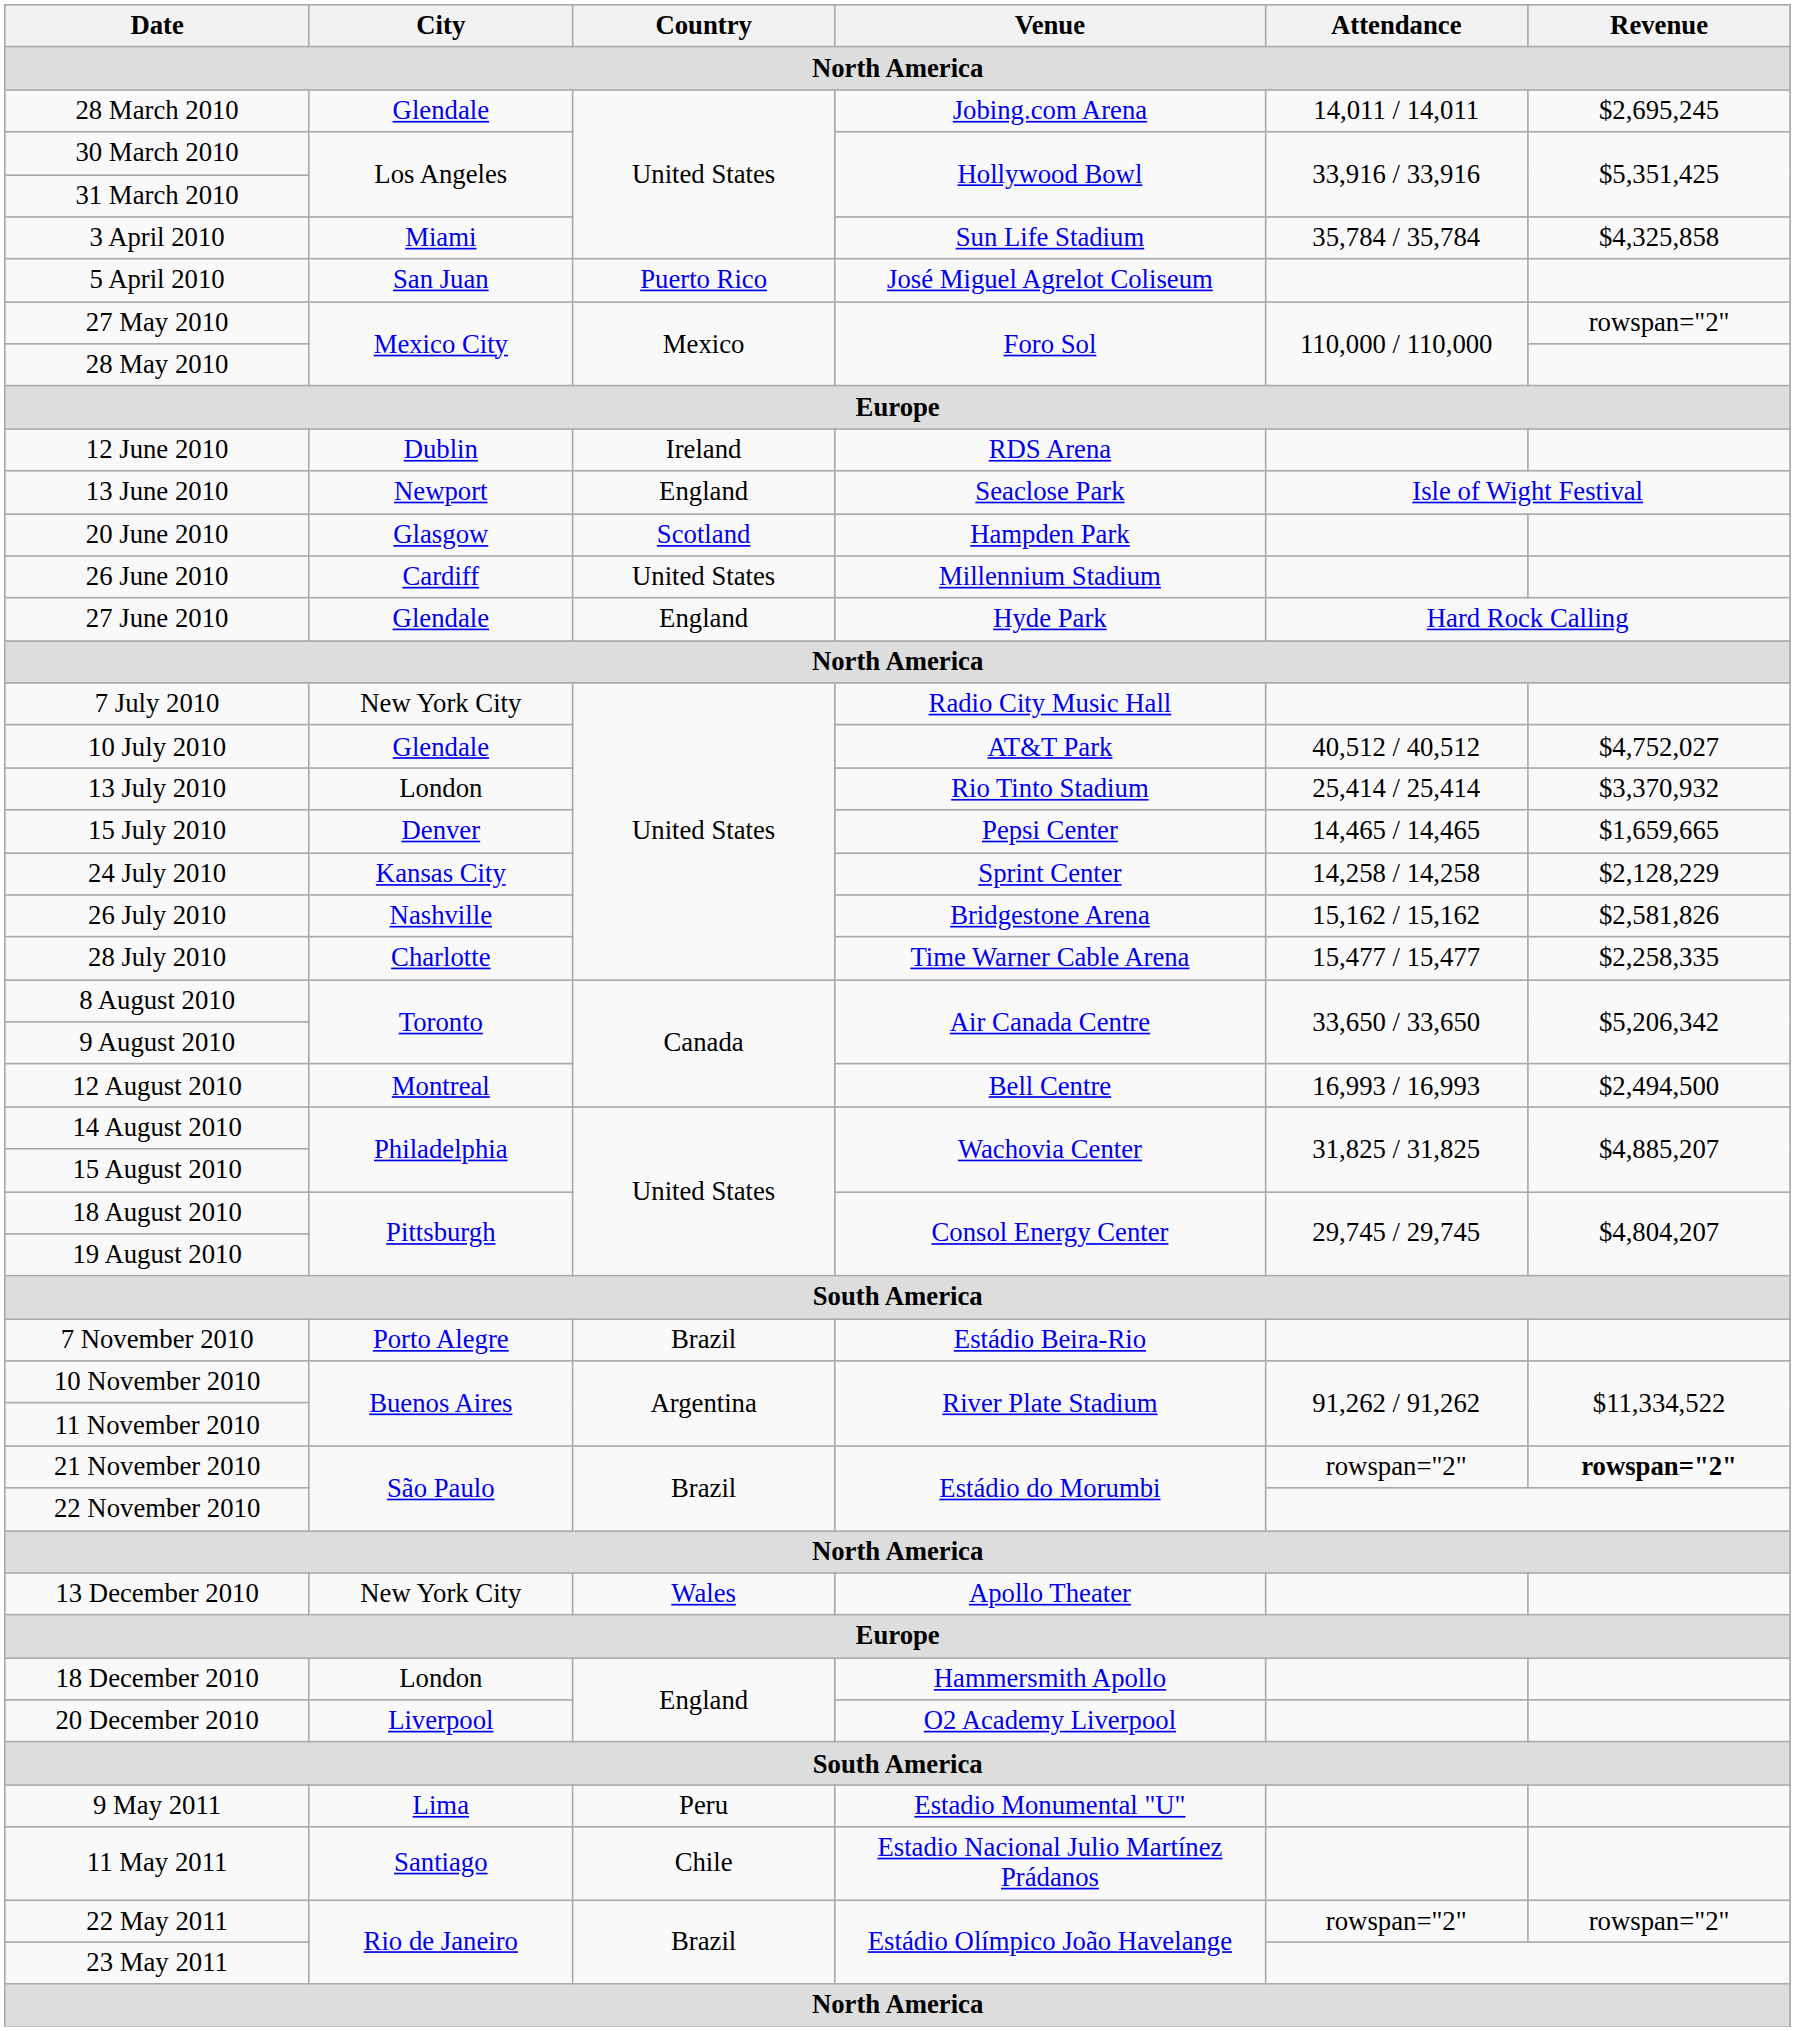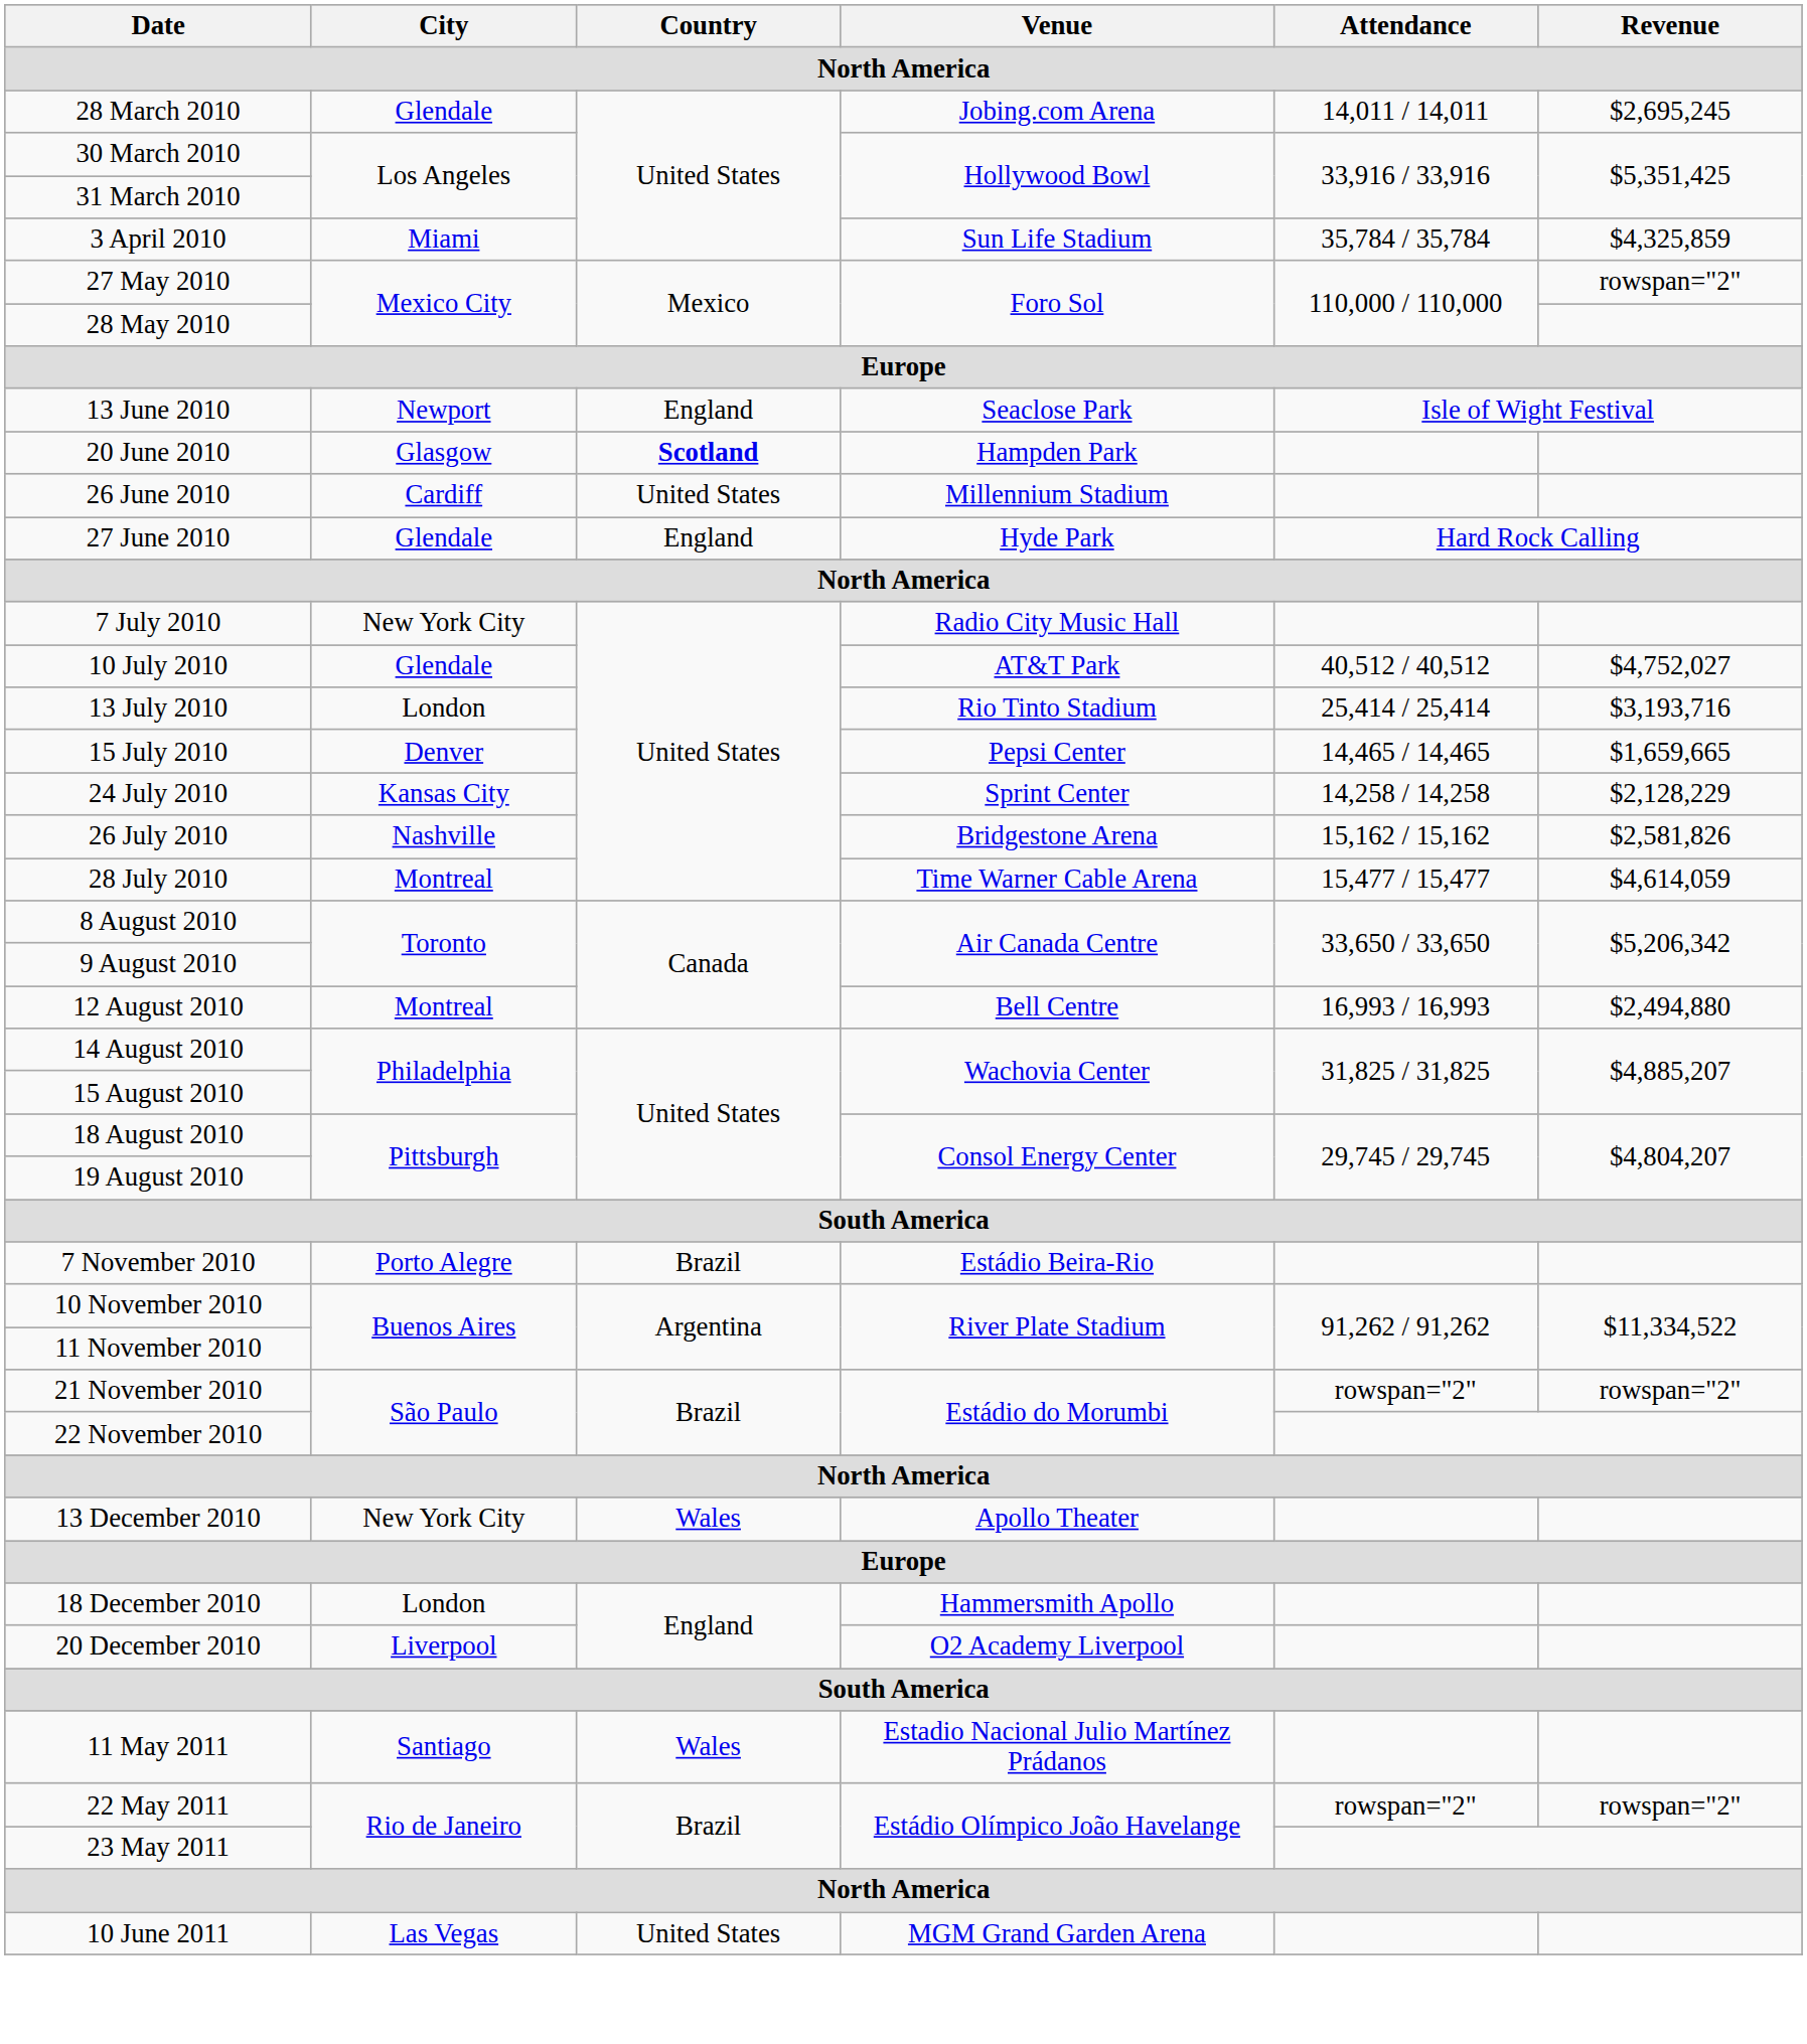 <table class="wikitable" style="text-align:center;">
 <tr>
 <th width="175">Date</th>
 <th width="150">City</th>
 <th width="150">Country</th>
 <th width="250">Venue</th>
 <th width="150">Attendance</th>
 <th width="150">Revenue</th>
 </tr>
 <tr style="background:#ddd;">
 <td colspan="6"><strong>North America</strong></td>
 </tr>
 <tr>
 <td>28 March 2010</td>
 <td><a href='#'>Glendale</a></td>
 <td rowspan="4">United States</td>
 <td><a href='#'>Jobing.com Arena</a></td>
 <td>14,011 / 14,011</td>
 <td>$2,695,245</td>
 </tr>
 <tr>
 <td>30 March 2010</td>
 <td rowspan="2">Los Angeles</td>
 <td rowspan="2"><a href='#'>Hollywood Bowl</a></td>
 <td rowspan="2">33,916 / 33,916</td>
 <td rowspan="2">$5,351,425</td>
 </tr>
 <tr>
 <td>31 March 2010</td>
 </tr>
 <tr>
 <td>3 April 2010</td>
 <td><a href='#'>Miami</a></td>
 <td><a href='#'>Sun Life Stadium</a></td>
 <td>35,784 / 35,784</td>
-<td>$4,325,858</td>
-</tr>
-<tr>
-<td>5 April 2010</td>
-<td><a href='#'>San Juan</a></td>
-<td><a href='#'>Puerto Rico</a></td>
-<td><a href='#'>José Miguel Agrelot Coliseum</a></td>
-<td></td>
-<td></td>
+<td>$4,325,859</td>
 </tr>
 <tr>
 <td>27 May 2010</td>
 <td rowspan="2"><a href='#'>Mexico City</a></td>
 <td rowspan="2">Mexico</td>
 <td rowspan="2"><a href='#'>Foro Sol</a></td>
 <td rowspan="2">110,000 / 110,000</td>
 <td>rowspan="2" </td>
 </tr>
 <tr>
 <td>28 May 2010</td>
 </tr>
 <tr style="background:#ddd;">
 <td colspan="6"><strong>Europe</strong></td>
 </tr>
 <tr>
-<td>12 June 2010</td>
-<td><a href='#'>Dublin</a></td>
-<td>Ireland</td>
-<td><a href='#'>RDS Arena</a></td>
-<td></td>
-<td></td>
-</tr>
-<tr>
 <td>13 June 2010</td>
 <td><a href='#'>Newport</a></td>
 <td>England</td>
 <td><a href='#'>Seaclose Park</a></td>
 <td colspan="2"><a href='#'>Isle of Wight Festival</a></td>
 </tr>
 <tr>
 <td>20 June 2010</td>
 <td><a href='#'>Glasgow</a></td>
-<td><a href='#'>Scotland</a></td>
+<td><strong><a href='#'>Scotland</a></strong></td>
 <td><a href='#'>Hampden Park</a></td>
 <td></td>
 <td></td>
 </tr>
 <tr>
 <td>26 June 2010</td>
 <td><a href='#'>Cardiff</a></td>
 <td>United States</td>
 <td><a href='#'>Millennium Stadium</a></td>
 <td></td>
 <td></td>
 </tr>
 <tr>
 <td>27 June 2010</td>
 <td><a href='#'>Glendale</a></td>
 <td>England</td>
 <td><a href='#'>Hyde Park</a></td>
 <td colspan="2"><a href='#'>Hard Rock Calling</a></td>
 </tr>
 <tr style="background:#ddd;">
 <td colspan="6"><strong>North America</strong></td>
 </tr>
 <tr>
 <td>7 July 2010</td>
 <td>New York City</td>
 <td rowspan="7">United States</td>
 <td><a href='#'>Radio City Music Hall</a></td>
 <td></td>
 <td></td>
 </tr>
 <tr>
 <td>10 July 2010</td>
 <td><a href='#'>Glendale</a></td>
 <td><a href='#'>AT&T Park</a></td>
 <td>40,512 / 40,512</td>
 <td>$4,752,027</td>
 </tr>
 <tr>
 <td>13 July 2010</td>
 <td>London</td>
 <td><a href='#'>Rio Tinto Stadium</a></td>
 <td>25,414 / 25,414</td>
-<td>$3,370,932</td>
+<td>$3,193,716</td>
 </tr>
 <tr>
 <td>15 July 2010</td>
 <td><a href='#'>Denver</a></td>
 <td><a href='#'>Pepsi Center</a></td>
 <td>14,465 / 14,465</td>
 <td>$1,659,665</td>
 </tr>
 <tr>
 <td>24 July 2010</td>
 <td><a href='#'>Kansas City</a></td>
 <td><a href='#'>Sprint Center</a></td>
 <td>14,258 / 14,258</td>
 <td>$2,128,229</td>
 </tr>
 <tr>
 <td>26 July 2010</td>
 <td><a href='#'>Nashville</a></td>
 <td><a href='#'>Bridgestone Arena</a></td>
 <td>15,162 / 15,162</td>
 <td>$2,581,826</td>
 </tr>
 <tr>
 <td>28 July 2010</td>
-<td><a href='#'>Charlotte</a></td>
+<td><a href='#'>Montreal</a></td>
 <td><a href='#'>Time Warner Cable Arena</a></td>
 <td>15,477 / 15,477</td>
-<td>$2,258,335</td>
+<td>$4,614,059</td>
 </tr>
 <tr>
 <td>8 August 2010</td>
 <td rowspan="2"><a href='#'>Toronto</a></td>
 <td rowspan="3">Canada</td>
 <td rowspan="2"><a href='#'>Air Canada Centre</a></td>
 <td rowspan="2">33,650 / 33,650</td>
 <td rowspan="2">$5,206,342</td>
 </tr>
 <tr>
 <td>9 August 2010</td>
 </tr>
 <tr>
 <td>12 August 2010</td>
 <td><a href='#'>Montreal</a></td>
 <td><a href='#'>Bell Centre</a></td>
 <td>16,993 / 16,993</td>
-<td>$2,494,500</td>
+<td>$2,494,880</td>
 </tr>
 <tr>
 <td>14 August 2010</td>
 <td rowspan="2"><a href='#'>Philadelphia</a></td>
 <td rowspan="4">United States</td>
 <td rowspan="2"><a href='#'>Wachovia Center</a></td>
 <td rowspan="2">31,825 / 31,825</td>
 <td rowspan="2">$4,885,207</td>
 </tr>
 <tr>
 <td>15 August 2010</td>
 </tr>
 <tr>
 <td>18 August 2010</td>
 <td rowspan="2"><a href='#'>Pittsburgh</a></td>
 <td rowspan="2"><a href='#'>Consol Energy Center</a></td>
 <td rowspan="2">29,745 / 29,745</td>
 <td rowspan="2">$4,804,207</td>
 </tr>
 <tr>
 <td>19 August 2010</td>
 </tr>
 <tr style="background:#ddd;">
 <td colspan="6"><strong>South America</strong></td>
 </tr>
 <tr>
 <td>7 November 2010</td>
 <td><a href='#'>Porto Alegre</a></td>
 <td>Brazil</td>
 <td><a href='#'>Estádio Beira-Rio</a></td>
 <td></td>
 <td></td>
 </tr>
 <tr>
 <td>10 November 2010</td>
 <td rowspan="2"><a href='#'>Buenos Aires</a></td>
 <td rowspan="2">Argentina</td>
 <td rowspan="2"><a href='#'>River Plate Stadium</a></td>
 <td rowspan="2">91,262 / 91,262</td>
 <td rowspan="2">$11,334,522</td>
 </tr>
 <tr>
 <td>11 November 2010</td>
 </tr>
 <tr>
 <td>21 November 2010</td>
 <td rowspan="2"><a href='#'>São Paulo</a></td>
 <td rowspan="2">Brazil</td>
 <td rowspan="2"><a href='#'>Estádio do Morumbi</a></td>
 <td>rowspan="2" </td>
-<td><strong>rowspan="2" </strong></td>
+<td>rowspan="2" </td>
 </tr>
 <tr>
 <td>22 November 2010</td>
 </tr>
 <tr style="background:#ddd;">
 <td colspan="6"><strong>North America</strong></td>
 </tr>
 <tr>
 <td>13 December 2010</td>
 <td>New York City</td>
 <td><a href='#'>Wales</a></td>
 <td><a href='#'>Apollo Theater</a></td>
 <td></td>
 <td></td>
 </tr>
 <tr style="background:#ddd;">
 <td colspan="6"><strong>Europe</strong></td>
 </tr>
 <tr>
 <td>18 December 2010</td>
 <td>London</td>
 <td rowspan="2">England</td>
 <td><a href='#'>Hammersmith Apollo</a></td>
 <td></td>
 <td></td>
 </tr>
 <tr>
 <td>20 December 2010</td>
 <td><a href='#'>Liverpool</a></td>
 <td><a href='#'>O2 Academy Liverpool</a></td>
 <td></td>
 <td></td>
 </tr>
 <tr style="background:#ddd;">
 <td colspan="6"><strong>South America</strong></td>
 </tr>
 <tr>
-<td>9 May 2011</td>
-<td><a href='#'>Lima</a></td>
-<td>Peru</td>
-<td><a href='#'>Estadio Monumental "U"</a></td>
-<td></td>
-<td></td>
-</tr>
-<tr>
 <td>11 May 2011</td>
 <td><a href='#'>Santiago</a></td>
-<td>Chile</td>
+<td><a href='#'>Wales</a></td>
 <td><a href='#'>Estadio Nacional Julio Martínez Prádanos</a></td>
 <td></td>
 <td></td>
 </tr>
 <tr>
 <td>22 May 2011</td>
 <td rowspan="2"><a href='#'>Rio de Janeiro</a></td>
 <td rowspan="2">Brazil</td>
 <td rowspan="2"><a href='#'>Estádio Olímpico João Havelange</a></td>
 <td>rowspan="2" </td>
 <td>rowspan="2" </td>
 </tr>
 <tr>
 <td>23 May 2011</td>
 </tr>
 <tr style="background:#ddd;">
 <td colspan="6"><strong>North America</strong></td>
 </tr>
+<tr>
+<td>10 June 2011</td>
+<td><a href='#'>Las Vegas</a></td>
+<td>United States</td>
+<td><a href='#'>MGM Grand Garden Arena</a></td>
+<td></td>
+<td></td>
+</tr>
 </table>
